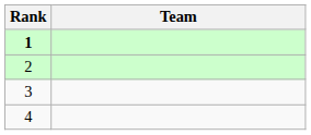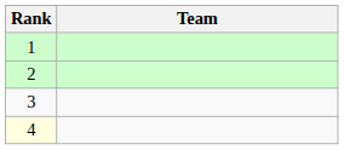 <table class="wikitable" style="text-align:center">
 <tr>
 <th width=40>Rank</th>
 <th width=250>Team</th>
 </tr>
 <tr bgcolor=#ccffcc>
-<td><strong>1</strong></td>
+<td>1</td>
 <td style="text-align:left"></td>
 </tr>
 <tr bgcolor=#ccffcc>
 <td>2</td>
 <td style="text-align:left"></td>
 </tr>
 <tr>
 <td>3</td>
 <td style="text-align:left"></td>
 </tr>
 <tr>
-<td>4</td>
+<td style="background: lightyellow;">4</td>
 <td style="text-align:left"></td>
 </tr>
 </table>
